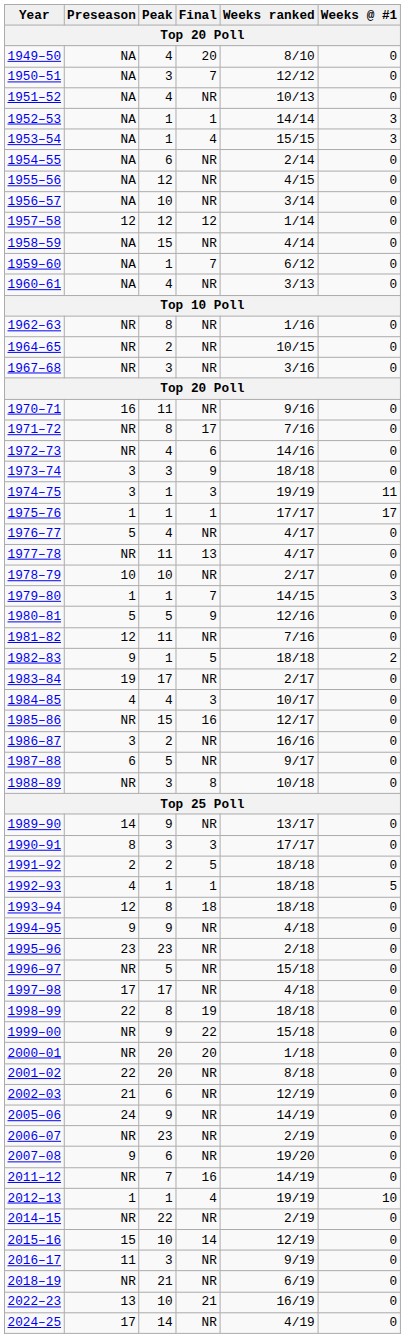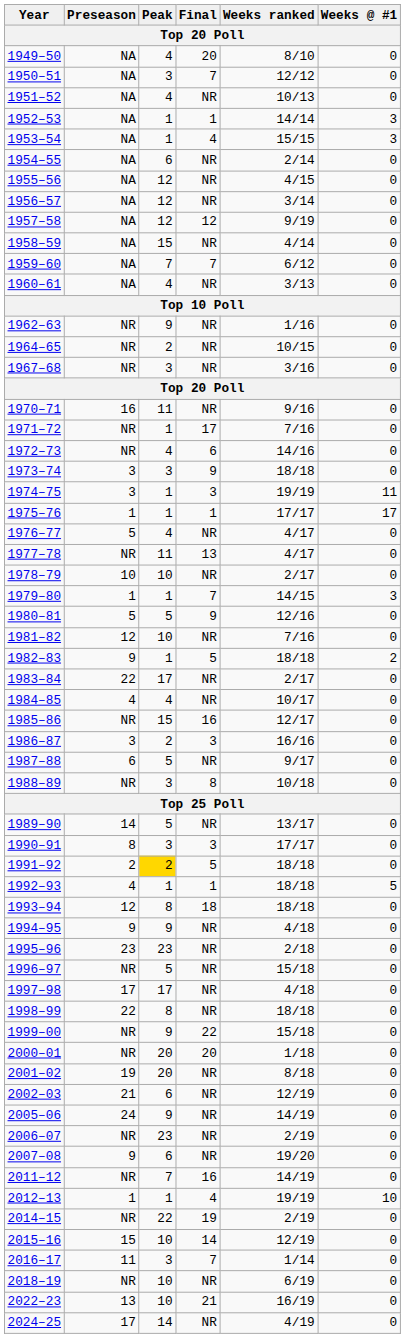 <table class="wikitable sortable" style="text-align:right">
 <tr style="text-align:center; background:#f0f0f0;">
 <td style="background-color:#"><strong>Year</strong></td>
 <td style="background-color:#"><strong>Preseason</strong></td>
 <td style="background-color:#"><strong>Peak</strong></td>
 <td style="background-color:#"><strong>Final</strong></td>
 <td style="background-color:#"><strong>Weeks ranked</strong></td>
 <td style="background-color:#"><strong>Weeks @ #1</strong></td>
 </tr>
 <tr>
 <th colspan=6>Top 20 Poll</th>
 </tr>
 <tr>
 <td><a href='#'>1949–50</a></td>
 <td>NA</td>
 <td>4</td>
 <td>20</td>
 <td>8/10</td>
 <td>0</td>
 </tr>
 <tr>
 <td><a href='#'>1950–51</a></td>
 <td>NA</td>
 <td>3</td>
 <td>7</td>
 <td>12/12</td>
 <td>0</td>
 </tr>
 <tr>
 <td><a href='#'>1951–52</a></td>
 <td>NA</td>
 <td>4</td>
 <td>NR</td>
 <td>10/13</td>
 <td>0</td>
 </tr>
 <tr>
 <td><a href='#'>1952–53</a></td>
 <td>NA</td>
 <td>1</td>
 <td>1</td>
 <td>14/14</td>
 <td>3</td>
 </tr>
 <tr>
 <td><a href='#'>1953–54</a></td>
 <td>NA</td>
 <td>1</td>
 <td>4</td>
 <td>15/15</td>
 <td>3</td>
 </tr>
 <tr>
 <td><a href='#'>1954–55</a></td>
 <td>NA</td>
 <td>6</td>
 <td>NR</td>
 <td>2/14</td>
 <td>0</td>
 </tr>
 <tr>
 <td><a href='#'>1955–56</a></td>
 <td>NA</td>
 <td>12</td>
 <td>NR</td>
 <td>4/15</td>
 <td>0</td>
 </tr>
 <tr>
 <td><a href='#'>1956–57</a></td>
 <td>NA</td>
-<td>10</td>
+<td>12</td>
 <td>NR</td>
 <td>3/14</td>
 <td>0</td>
 </tr>
 <tr>
 <td><a href='#'>1957–58</a></td>
+<td>NA</td>
 <td>12</td>
 <td>12</td>
-<td>12</td>
-<td>1/14</td>
+<td>9/19</td>
 <td>0</td>
 </tr>
 <tr>
 <td><a href='#'>1958–59</a></td>
 <td>NA</td>
 <td>15</td>
 <td>NR</td>
 <td>4/14</td>
 <td>0</td>
 </tr>
 <tr>
 <td><a href='#'>1959–60</a></td>
 <td>NA</td>
-<td>1</td>
+<td>7</td>
 <td>7</td>
 <td>6/12</td>
 <td>0</td>
 </tr>
 <tr>
 <td><a href='#'>1960–61</a></td>
 <td>NA</td>
 <td>4</td>
 <td>NR</td>
 <td>3/13</td>
 <td>0</td>
 </tr>
 <tr>
 <th colspan=6>Top 10 Poll</th>
 </tr>
 <tr>
 <td><a href='#'>1962–63</a></td>
 <td>NR</td>
-<td>8</td>
+<td>9</td>
 <td>NR</td>
 <td>1/16</td>
 <td>0</td>
 </tr>
 <tr>
 <td><a href='#'>1964–65</a></td>
 <td>NR</td>
 <td>2</td>
 <td>NR</td>
 <td>10/15</td>
 <td>0</td>
 </tr>
 <tr>
 <td><a href='#'>1967–68</a></td>
 <td>NR</td>
 <td>3</td>
 <td>NR</td>
 <td>3/16</td>
 <td>0</td>
 </tr>
 <tr>
 <th colspan=6>Top 20 Poll</th>
 </tr>
 <tr>
 <td><a href='#'>1970–71</a></td>
 <td>16</td>
 <td>11</td>
 <td>NR</td>
 <td>9/16</td>
 <td>0</td>
 </tr>
 <tr>
 <td><a href='#'>1971–72</a></td>
 <td>NR</td>
-<td>8</td>
+<td>1</td>
 <td>17</td>
 <td>7/16</td>
 <td>0</td>
 </tr>
 <tr>
 <td><a href='#'>1972–73</a></td>
 <td>NR</td>
 <td>4</td>
 <td>6</td>
 <td>14/16</td>
 <td>0</td>
 </tr>
 <tr>
 <td><a href='#'>1973–74</a></td>
 <td>3</td>
 <td>3</td>
 <td>9</td>
 <td>18/18</td>
 <td>0</td>
 </tr>
 <tr>
 <td><a href='#'>1974–75</a></td>
 <td>3</td>
 <td>1</td>
 <td>3</td>
 <td>19/19</td>
 <td>11</td>
 </tr>
 <tr>
 <td><a href='#'>1975–76</a></td>
 <td>1</td>
 <td>1</td>
 <td>1</td>
 <td>17/17</td>
 <td>17</td>
 </tr>
 <tr>
 <td><a href='#'>1976–77</a></td>
 <td>5</td>
 <td>4</td>
 <td>NR</td>
 <td>4/17</td>
 <td>0</td>
 </tr>
 <tr>
 <td><a href='#'>1977–78</a></td>
 <td>NR</td>
 <td>11</td>
 <td>13</td>
 <td>4/17</td>
 <td>0</td>
 </tr>
 <tr>
 <td><a href='#'>1978–79</a></td>
 <td>10</td>
 <td>10</td>
 <td>NR</td>
 <td>2/17</td>
 <td>0</td>
 </tr>
 <tr>
 <td><a href='#'>1979–80</a></td>
 <td>1</td>
 <td>1</td>
 <td>7</td>
 <td>14/15</td>
 <td>3</td>
 </tr>
 <tr>
 <td><a href='#'>1980–81</a></td>
 <td>5</td>
 <td>5</td>
 <td>9</td>
 <td>12/16</td>
 <td>0</td>
 </tr>
 <tr>
 <td><a href='#'>1981–82</a></td>
 <td>12</td>
-<td>11</td>
+<td>10</td>
 <td>NR</td>
 <td>7/16</td>
 <td>0</td>
 </tr>
 <tr>
 <td><a href='#'>1982–83</a></td>
 <td>9</td>
 <td>1</td>
 <td>5</td>
 <td>18/18</td>
 <td>2</td>
 </tr>
 <tr>
 <td><a href='#'>1983–84</a></td>
-<td>19</td>
+<td>22</td>
 <td>17</td>
 <td>NR</td>
 <td>2/17</td>
 <td>0</td>
 </tr>
 <tr>
 <td><a href='#'>1984–85</a></td>
 <td>4</td>
 <td>4</td>
-<td>3</td>
+<td>NR</td>
 <td>10/17</td>
 <td>0</td>
 </tr>
 <tr>
 <td><a href='#'>1985–86</a></td>
 <td>NR</td>
 <td>15</td>
 <td>16</td>
 <td>12/17</td>
 <td>0</td>
 </tr>
 <tr>
 <td><a href='#'>1986–87</a></td>
 <td>3</td>
 <td>2</td>
-<td>NR</td>
+<td>3</td>
 <td>16/16</td>
 <td>0</td>
 </tr>
 <tr>
 <td><a href='#'>1987–88</a></td>
 <td>6</td>
 <td>5</td>
 <td>NR</td>
 <td>9/17</td>
 <td>0</td>
 </tr>
 <tr>
 <td><a href='#'>1988–89</a></td>
 <td>NR</td>
 <td>3</td>
 <td>8</td>
 <td>10/18</td>
 <td>0</td>
 </tr>
 <tr>
 <th colspan=6>Top 25 Poll</th>
 </tr>
 <tr>
 <td><a href='#'>1989–90</a></td>
 <td>14</td>
-<td>9</td>
+<td>5</td>
 <td>NR</td>
 <td>13/17</td>
 <td>0</td>
 </tr>
 <tr>
 <td><a href='#'>1990–91</a></td>
 <td>8</td>
 <td>3</td>
 <td>3</td>
 <td>17/17</td>
 <td>0</td>
 </tr>
 <tr>
 <td><a href='#'>1991–92</a></td>
 <td>2</td>
-<td>2</td>
+<td style="background: gold;">2</td>
 <td>5</td>
 <td>18/18</td>
 <td>0</td>
 </tr>
 <tr>
 <td><a href='#'>1992–93</a></td>
 <td>4</td>
 <td>1</td>
 <td>1</td>
 <td>18/18</td>
 <td>5</td>
 </tr>
 <tr>
 <td><a href='#'>1993–94</a></td>
 <td>12</td>
 <td>8</td>
 <td>18</td>
 <td>18/18</td>
 <td>0</td>
 </tr>
 <tr>
 <td><a href='#'>1994–95</a></td>
 <td>9</td>
 <td>9</td>
 <td>NR</td>
 <td>4/18</td>
 <td>0</td>
 </tr>
 <tr>
 <td><a href='#'>1995–96</a></td>
 <td>23</td>
 <td>23</td>
 <td>NR</td>
 <td>2/18</td>
 <td>0</td>
 </tr>
 <tr>
 <td><a href='#'>1996–97</a></td>
 <td>NR</td>
 <td>5</td>
 <td>NR</td>
 <td>15/18</td>
 <td>0</td>
 </tr>
 <tr>
 <td><a href='#'>1997–98</a></td>
 <td>17</td>
 <td>17</td>
 <td>NR</td>
 <td>4/18</td>
 <td>0</td>
 </tr>
 <tr>
 <td><a href='#'>1998–99</a></td>
 <td>22</td>
 <td>8</td>
-<td>19</td>
+<td>NR</td>
 <td>18/18</td>
 <td>0</td>
 </tr>
 <tr>
 <td><a href='#'>1999–00</a></td>
 <td>NR</td>
 <td>9</td>
 <td>22</td>
 <td>15/18</td>
 <td>0</td>
 </tr>
 <tr>
 <td><a href='#'>2000–01</a></td>
 <td>NR</td>
 <td>20</td>
 <td>20</td>
 <td>1/18</td>
 <td>0</td>
 </tr>
 <tr>
 <td><a href='#'>2001–02</a></td>
-<td>22</td>
+<td>19</td>
 <td>20</td>
 <td>NR</td>
 <td>8/18</td>
 <td>0</td>
 </tr>
 <tr>
 <td><a href='#'>2002–03</a></td>
 <td>21</td>
 <td>6</td>
 <td>NR</td>
 <td>12/19</td>
 <td>0</td>
 </tr>
 <tr>
 <td><a href='#'>2005–06</a></td>
 <td>24</td>
 <td>9</td>
 <td>NR</td>
 <td>14/19</td>
 <td>0</td>
 </tr>
 <tr>
 <td><a href='#'>2006–07</a></td>
 <td>NR</td>
 <td>23</td>
 <td>NR</td>
 <td>2/19</td>
 <td>0</td>
 </tr>
 <tr>
 <td><a href='#'>2007–08</a></td>
 <td>9</td>
 <td>6</td>
 <td>NR</td>
 <td>19/20</td>
 <td>0</td>
 </tr>
 <tr>
 <td><a href='#'>2011–12</a></td>
 <td>NR</td>
 <td>7</td>
 <td>16</td>
 <td>14/19</td>
 <td>0</td>
 </tr>
 <tr>
 <td><a href='#'>2012–13</a></td>
 <td>1</td>
 <td>1</td>
 <td>4</td>
 <td>19/19</td>
 <td>10</td>
 </tr>
 <tr>
 <td><a href='#'>2014–15</a></td>
 <td>NR</td>
 <td>22</td>
-<td>NR</td>
+<td>19</td>
 <td>2/19</td>
 <td>0</td>
 </tr>
 <tr>
 <td><a href='#'>2015–16</a></td>
 <td>15</td>
 <td>10</td>
 <td>14</td>
 <td>12/19</td>
 <td>0</td>
 </tr>
 <tr>
 <td><a href='#'>2016–17</a></td>
 <td>11</td>
 <td>3</td>
-<td>NR</td>
-<td>9/19</td>
+<td>7</td>
+<td>1/14</td>
 <td>0</td>
 </tr>
 <tr>
 <td><a href='#'>2018–19</a></td>
 <td>NR</td>
-<td>21</td>
+<td>10</td>
 <td>NR</td>
 <td>6/19</td>
 <td>0</td>
 </tr>
 <tr>
 <td><a href='#'>2022–23</a></td>
 <td>13</td>
 <td>10</td>
 <td>21</td>
 <td>16/19</td>
 <td>0</td>
 </tr>
 <tr>
 <td><a href='#'>2024–25</a></td>
 <td>17</td>
 <td>14</td>
 <td>NR</td>
 <td>4/19</td>
 <td>0</td>
 </tr>
 </table>
